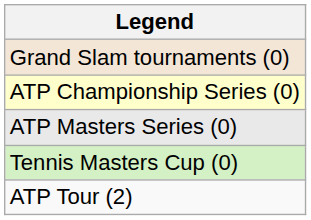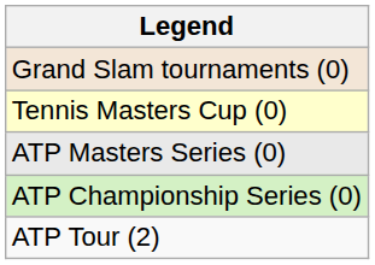 <table class="wikitable sortable mw-collapsible mw-collapsed">
 <tr>
 <th>Legend</th>
 </tr>
 <tr style="background:#f3e6d7;">
 <td>Grand Slam tournaments (0)</td>
 </tr>
 <tr style="background:#ffffcc;">
-<td>ATP Championship Series (0)</td>
+<td>Tennis Masters Cup (0)</td>
 </tr>
 <tr style="background:#e9e9e9;">
 <td>ATP Masters Series (0)</td>
 </tr>
 <tr style="background:#d4f1c5;">
-<td>Tennis Masters Cup (0)</td>
+<td>ATP Championship Series (0)</td>
 </tr>
 <tr>
 <td>ATP Tour (2)</td>
 </tr>
 </table>
